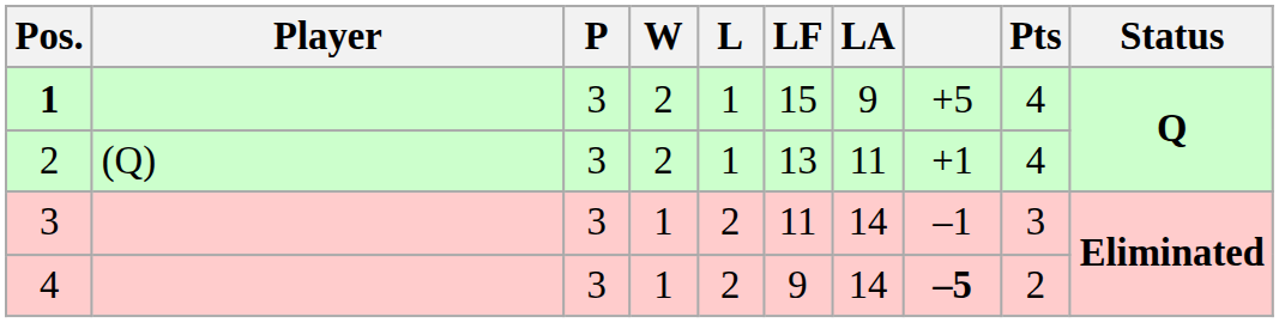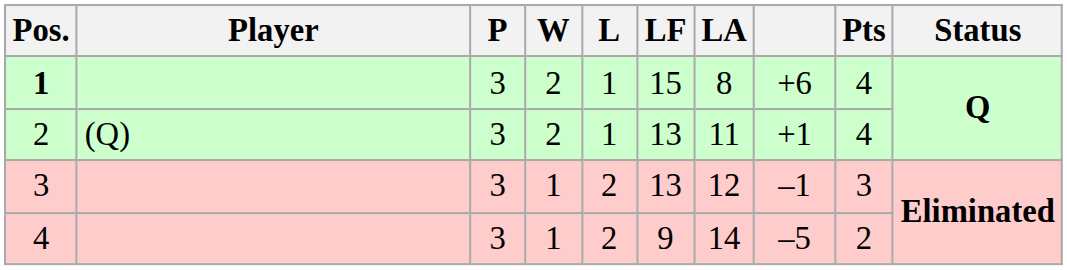 <table class="wikitable" style="text-align:center; margin: 1em auto 1em auto, align:left">
 <tr>
 <th width=20>Pos.</th>
 <th width=185>Player</th>
 <th width=20>P</th>
 <th width=20>W</th>
 <th width=20>L</th>
 <th width=20>LF</th>
 <th width=20>LA</th>
 <th style="width:2em;"></th>
 <th width=20>Pts</th>
 <th width=70>Status</th>
 </tr>
 <tr style="background:#CCFFCC;">
 <td><strong>1</strong></td>
 <td style="text-align:left"></td>
 <td>3</td>
 <td>2</td>
 <td>1</td>
 <td>15</td>
-<td>9</td>
-<td>+5</td>
+<td>8</td>
+<td>+6</td>
 <td>4</td>
 <td rowspan=2><strong>Q</strong></td>
 </tr>
 <tr style="background:#CCFFCC;">
 <td>2</td>
 <td style="text-align:left">(Q)</td>
 <td>3</td>
 <td>2</td>
 <td>1</td>
 <td>13</td>
 <td>11</td>
 <td>+1</td>
 <td>4</td>
 </tr>
 <tr style="background:#FFCCCC;">
 <td>3</td>
 <td style="text-align:left"></td>
 <td>3</td>
 <td>1</td>
 <td>2</td>
-<td>11</td>
-<td>14</td>
+<td>13</td>
+<td>12</td>
 <td>–1</td>
 <td>3</td>
 <td rowspan=2><strong>Eliminated</strong></td>
 </tr>
 <tr style="background:#FFCCCC;">
 <td>4</td>
 <td style="text-align:left"></td>
 <td>3</td>
 <td>1</td>
 <td>2</td>
 <td>9</td>
 <td>14</td>
-<td><strong>–5</strong></td>
+<td>–5</td>
 <td>2</td>
 </tr>
 </table>
